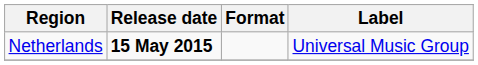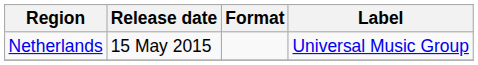 <table class="wikitable">
 <tr>
 <th>Region</th>
 <th>Release date</th>
 <th>Format</th>
 <th>Label</th>
 </tr>
 <tr>
 <td><a href='#'>Netherlands</a></td>
-<td><strong>15 May 2015</strong></td>
+<td>15 May 2015</td>
 <td></td>
 <td><a href='#'>Universal Music Group</a></td>
 </tr>
 <tr>
 </tr>
 </table>
